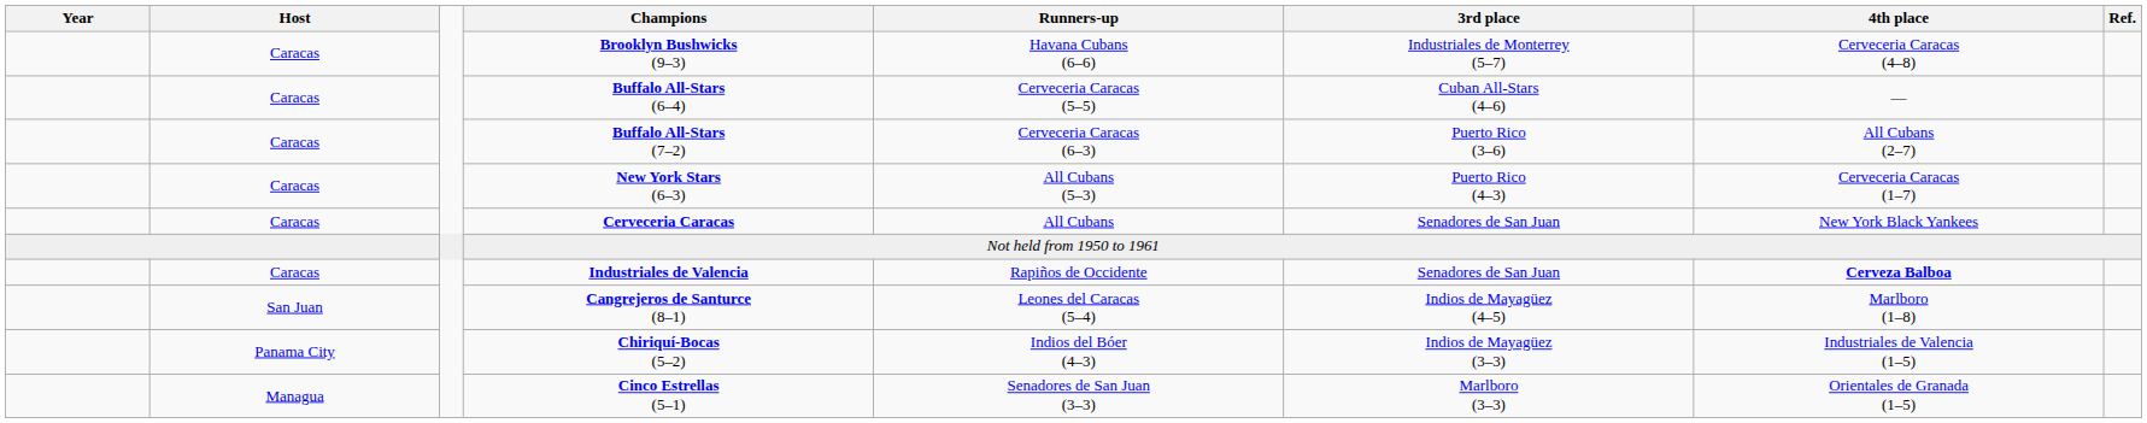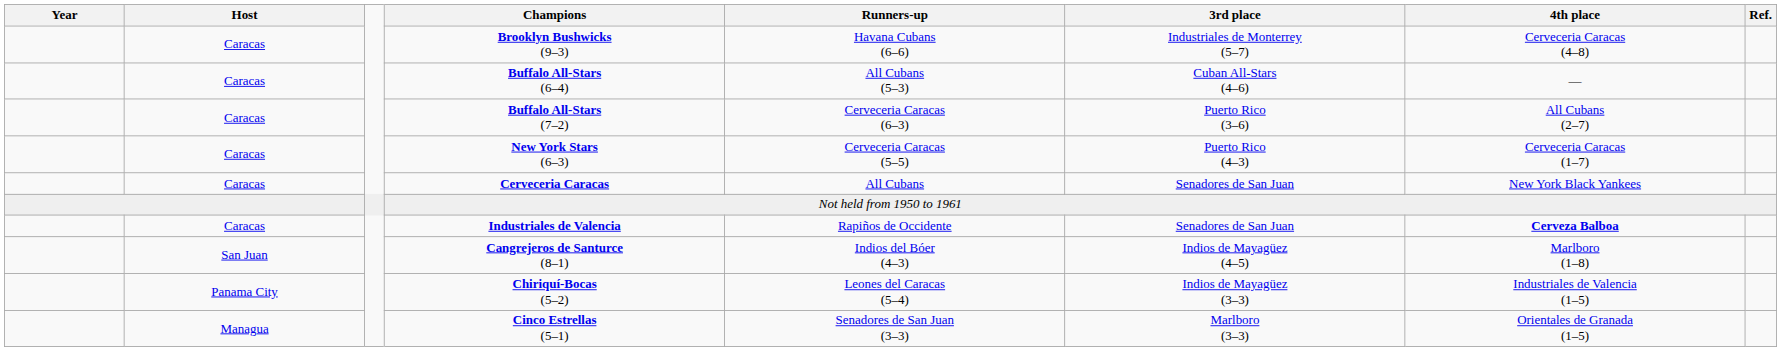 <table class="wikitable sortable" style="font-size:90%; text-align: center;">
 <tr>
 <th width=6%>Year</th>
 <th width=12%>Host</th>
 <td width=1% rowspan=28 style="border-top:none;border-bottom:none;"></td>
 <th width=17%>Champions</th>
 <th width=17%>Runners-up</th>
 <th width=17%>3rd place</th>
 <th width=17%>4th place</th>
 <th width=1% class=unsortable>Ref.</th>
 </tr>
 <tr>
 <td></td>
 <td> <a href='#'>Caracas</a><br></td>
 <td><strong> <a href='#'>Brooklyn Bushwicks</a></strong><br>(9–3)</td>
 <td> <a href='#'>Havana Cubans</a><br>(6–6)</td>
 <td> <a href='#'>Industriales de Monterrey</a><br>(5–7)</td>
 <td> <a href='#'>Cerveceria Caracas</a><br>(4–8)</td>
 <td></td>
 </tr>
 <tr>
 <td></td>
 <td> <a href='#'>Caracas</a><br></td>
 <td><strong> <a href='#'>Buffalo All-Stars</a></strong><br>(6–4)</td>
-<td> <a href='#'>Cerveceria Caracas</a><br>(5–5)</td>
+<td> <a href='#'>All Cubans</a><br>(5–3)</td>
 <td> <a href='#'>Cuban All-Stars</a><br>(4–6)</td>
 <td>—</td>
 <td><br></td>
 </tr>
 <tr>
 <td></td>
 <td> <a href='#'>Caracas</a><br></td>
 <td><strong> <a href='#'>Buffalo All-Stars</a></strong><br>(7–2)</td>
 <td> <a href='#'>Cerveceria Caracas</a><br>(6–3)</td>
 <td> <a href='#'>Puerto Rico</a><br>(3–6)</td>
 <td> <a href='#'>All Cubans</a><br>(2–7)</td>
 <td></td>
 </tr>
 <tr>
 <td></td>
 <td> <a href='#'>Caracas</a><br></td>
 <td><strong> <a href='#'>New York Stars</a></strong><br>(6–3)</td>
-<td> <a href='#'>All Cubans</a><br>(5–3)</td>
+<td> <a href='#'>Cerveceria Caracas</a><br>(5–5)</td>
 <td> <a href='#'>Puerto Rico</a><br>(4–3)</td>
 <td> <a href='#'>Cerveceria Caracas</a><br>(1–7)</td>
 <td></td>
 </tr>
 <tr>
 <td></td>
 <td> <a href='#'>Caracas</a><br></td>
 <td><strong> <a href='#'>Cerveceria Caracas</a></strong></td>
 <td> <a href='#'>All Cubans</a></td>
 <td> <a href='#'>Senadores de San Juan</a></td>
 <td> <a href='#'>New York Black Yankees</a></td>
 <td></td>
 </tr>
 <tr bgcolor=#efefef>
 <td colspan=8 style="text-align:center;"><em>Not held from 1950 to 1961</em></td>
 </tr>
 <tr>
 <td><br></td>
 <td> <a href='#'>Caracas</a><br></td>
 <td><strong> <a href='#'>Industriales de Valencia</a></strong></td>
 <td> <a href='#'>Rapiños de Occidente</a></td>
 <td> <a href='#'>Senadores de San Juan</a></td>
 <td><strong> <a href='#'>Cerveza Balboa</a></strong></td>
 <td></td>
 </tr>
 <tr>
 <td></td>
 <td> <a href='#'>San Juan</a><br></td>
 <td><strong> <a href='#'>Cangrejeros de Santurce</a></strong><br>(8–1)</td>
-<td> <a href='#'>Leones del Caracas</a><br>(5–4)</td>
+<td> <a href='#'>Indios del Bóer</a><br>(4–3)</td>
 <td> <a href='#'>Indios de Mayagüez</a><br>(4–5)</td>
 <td> <a href='#'>Marlboro</a><br>(1–8)</td>
 <td></td>
 </tr>
 <tr>
 <td></td>
 <td> <a href='#'>Panama City</a><br></td>
 <td><strong> <a href='#'>Chiriquí-Bocas</a></strong><br>(5–2)</td>
-<td> <a href='#'>Indios del Bóer</a><br>(4–3)</td>
+<td> <a href='#'>Leones del Caracas</a><br>(5–4)</td>
 <td> <a href='#'>Indios de Mayagüez</a><br>(3–3)</td>
 <td> <a href='#'>Industriales de Valencia</a><br>(1–5)</td>
 <td></td>
 </tr>
 <tr>
 <td></td>
 <td> <a href='#'>Managua</a><br></td>
 <td><strong> <a href='#'>Cinco Estrellas</a></strong><br>(5–1)</td>
 <td> <a href='#'>Senadores de San Juan</a><br>(3–3)</td>
 <td> <a href='#'>Marlboro</a><br>(3–3)</td>
 <td> <a href='#'>Orientales de Granada</a><br>(1–5)</td>
 <td></td>
 </tr>
 </table>
